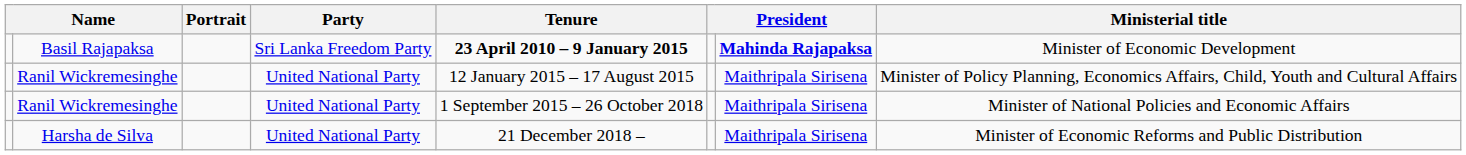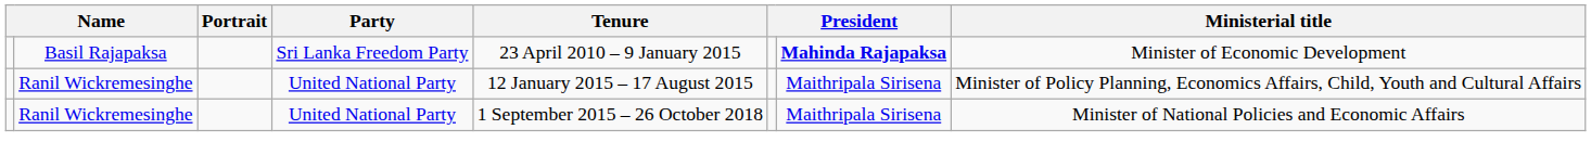 <table class="wikitable" style="margin:1em auto; font-size:90%; text-align:center;">
 <tr>
 <th colspan="2">Name</th>
 <th>Portrait</th>
 <th>Party</th>
 <th>Tenure</th>
 <th colspan="2"><a href='#'>President</a></th>
 <th>Ministerial title</th>
 </tr>
 <tr>
 <td !align="center" style="background:"></td>
 <td><a href='#'>Basil Rajapaksa</a></td>
 <td></td>
 <td><a href='#'>Sri Lanka Freedom Party</a></td>
-<td><strong>23 April 2010 – 9 January 2015</strong></td>
+<td>23 April 2010 – 9 January 2015</td>
 <td !align="center" style="background:"></td>
 <td><strong><a href='#'>Mahinda Rajapaksa</a></strong></td>
 <td>Minister of Economic Development</td>
 </tr>
 <tr>
 <td !align="center" style="background:"></td>
 <td><a href='#'>Ranil Wickremesinghe</a></td>
 <td></td>
 <td><a href='#'>United National Party</a></td>
 <td>12 January 2015 – 17 August 2015</td>
 <td !align="center" style="background:"></td>
 <td><a href='#'>Maithripala Sirisena</a></td>
 <td>Minister of Policy Planning, Economics Affairs, Child, Youth and Cultural Affairs</td>
 </tr>
 <tr>
 <td !align="center" style="background:"></td>
 <td><a href='#'>Ranil Wickremesinghe</a></td>
 <td></td>
 <td><a href='#'>United National Party</a></td>
 <td>1 September 2015 – 26 October  2018</td>
 <td !align="center" style="background:"></td>
 <td><a href='#'>Maithripala Sirisena</a></td>
 <td>Minister of National Policies and Economic Affairs</td>
 </tr>
-<tr>
-<td !align="center" style="background:"></td>
-<td><a href='#'>Harsha de Silva</a></td>
-<td></td>
-<td><a href='#'>United National Party</a></td>
-<td>21 December 2018 –</td>
-<td !align="center" style="background:"></td>
-<td><a href='#'>Maithripala Sirisena</a></td>
-<td>Minister of Economic Reforms and Public Distribution</td>
-</tr>
 </table>
